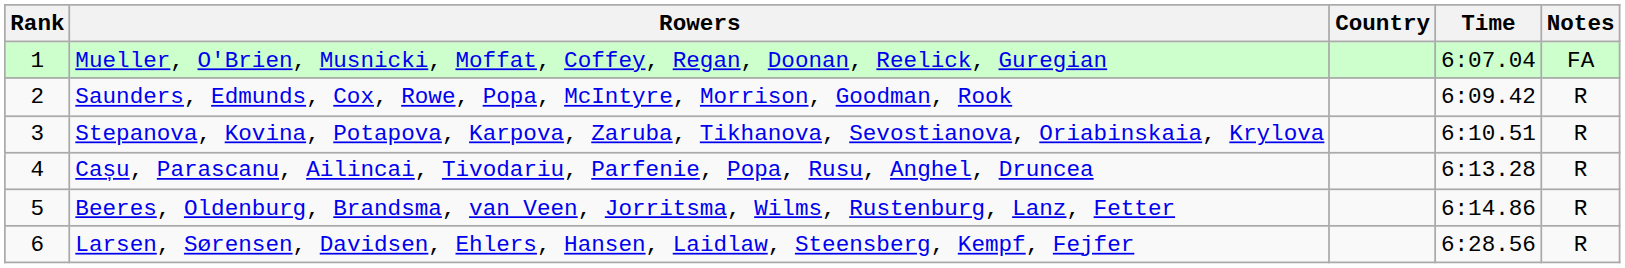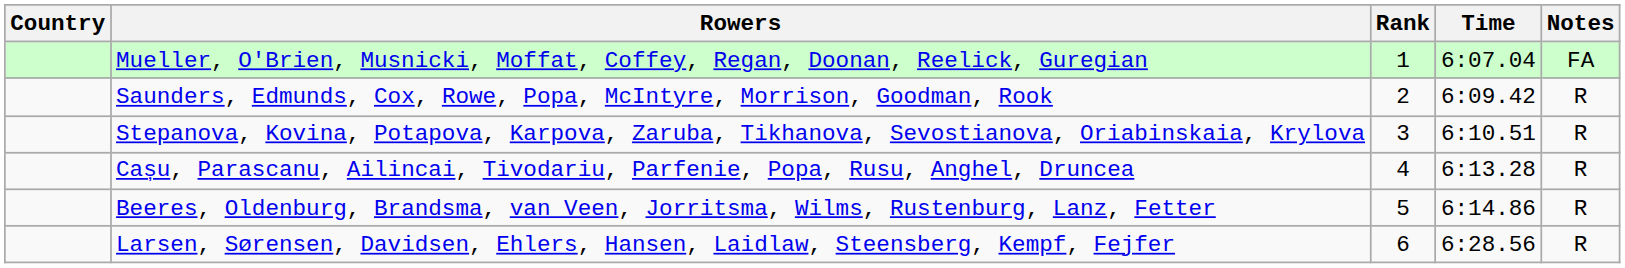 <table class="wikitable" style="text-align:center">
 <tr>
+<th>Country</th>
+<th>Rowers</th>
 <th>Rank</th>
-<th>Rowers</th>
-<th>Country</th>
 <th>Time</th>
 <th>Notes</th>
 </tr>
 <tr bgcolor=ccffcc>
+<td align="left"></td>
+<td align="left"><a href='#'>Mueller</a>, <a href='#'>O'Brien</a>, <a href='#'>Musnicki</a>, <a href='#'>Moffat</a>, <a href='#'>Coffey</a>, <a href='#'>Regan</a>, <a href='#'>Doonan</a>, <a href='#'>Reelick</a>, <a href='#'>Guregian</a></td>
 <td>1</td>
-<td align="left"><a href='#'>Mueller</a>, <a href='#'>O'Brien</a>, <a href='#'>Musnicki</a>, <a href='#'>Moffat</a>, <a href='#'>Coffey</a>, <a href='#'>Regan</a>, <a href='#'>Doonan</a>, <a href='#'>Reelick</a>, <a href='#'>Guregian</a></td>
-<td align="left"></td>
 <td>6:07.04</td>
 <td>FA</td>
 </tr>
 <tr>
+<td align="left"></td>
+<td align="left"><a href='#'>Saunders</a>, <a href='#'>Edmunds</a>, <a href='#'>Cox</a>, <a href='#'>Rowe</a>, <a href='#'>Popa</a>, <a href='#'>McIntyre</a>, <a href='#'>Morrison</a>, <a href='#'>Goodman</a>, <a href='#'>Rook</a></td>
 <td>2</td>
-<td align="left"><a href='#'>Saunders</a>, <a href='#'>Edmunds</a>, <a href='#'>Cox</a>, <a href='#'>Rowe</a>, <a href='#'>Popa</a>, <a href='#'>McIntyre</a>, <a href='#'>Morrison</a>, <a href='#'>Goodman</a>, <a href='#'>Rook</a></td>
-<td align="left"></td>
 <td>6:09.42</td>
 <td>R</td>
 </tr>
 <tr>
+<td align="left"></td>
+<td align="left"><a href='#'>Stepanova</a>, <a href='#'>Kovina</a>, <a href='#'>Potapova</a>, <a href='#'>Karpova</a>, <a href='#'>Zaruba</a>, <a href='#'>Tikhanova</a>, <a href='#'>Sevostianova</a>, <a href='#'>Oriabinskaia</a>, <a href='#'>Krylova</a></td>
 <td>3</td>
-<td align="left"><a href='#'>Stepanova</a>, <a href='#'>Kovina</a>, <a href='#'>Potapova</a>, <a href='#'>Karpova</a>, <a href='#'>Zaruba</a>, <a href='#'>Tikhanova</a>, <a href='#'>Sevostianova</a>, <a href='#'>Oriabinskaia</a>, <a href='#'>Krylova</a></td>
-<td align="left"></td>
 <td>6:10.51</td>
 <td>R</td>
 </tr>
 <tr>
+<td align="left"></td>
+<td align="left"><a href='#'>Cașu</a>, <a href='#'>Parascanu</a>, <a href='#'>Ailincai</a>, <a href='#'>Tivodariu</a>, <a href='#'>Parfenie</a>, <a href='#'>Popa</a>, <a href='#'>Rusu</a>, <a href='#'>Anghel</a>, <a href='#'>Druncea</a></td>
 <td>4</td>
-<td align="left"><a href='#'>Cașu</a>, <a href='#'>Parascanu</a>, <a href='#'>Ailincai</a>, <a href='#'>Tivodariu</a>, <a href='#'>Parfenie</a>, <a href='#'>Popa</a>, <a href='#'>Rusu</a>, <a href='#'>Anghel</a>, <a href='#'>Druncea</a></td>
-<td align="left"></td>
 <td>6:13.28</td>
 <td>R</td>
 </tr>
 <tr>
+<td align="left"></td>
+<td align="left"><a href='#'>Beeres</a>, <a href='#'>Oldenburg</a>, <a href='#'>Brandsma</a>, <a href='#'>van Veen</a>, <a href='#'>Jorritsma</a>, <a href='#'>Wilms</a>, <a href='#'>Rustenburg</a>, <a href='#'>Lanz</a>, <a href='#'>Fetter</a></td>
 <td>5</td>
-<td align="left"><a href='#'>Beeres</a>, <a href='#'>Oldenburg</a>, <a href='#'>Brandsma</a>, <a href='#'>van Veen</a>, <a href='#'>Jorritsma</a>, <a href='#'>Wilms</a>, <a href='#'>Rustenburg</a>, <a href='#'>Lanz</a>, <a href='#'>Fetter</a></td>
-<td align="left"></td>
 <td>6:14.86</td>
 <td>R</td>
 </tr>
 <tr>
+<td align="left"></td>
+<td align="left"><a href='#'>Larsen</a>, <a href='#'>Sørensen</a>, <a href='#'>Davidsen</a>, <a href='#'>Ehlers</a>, <a href='#'>Hansen</a>, <a href='#'>Laidlaw</a>, <a href='#'>Steensberg</a>, <a href='#'>Kempf</a>, <a href='#'>Fejfer</a></td>
 <td>6</td>
-<td align="left"><a href='#'>Larsen</a>, <a href='#'>Sørensen</a>, <a href='#'>Davidsen</a>, <a href='#'>Ehlers</a>, <a href='#'>Hansen</a>, <a href='#'>Laidlaw</a>, <a href='#'>Steensberg</a>, <a href='#'>Kempf</a>, <a href='#'>Fejfer</a></td>
-<td align="left"></td>
 <td>6:28.56</td>
 <td>R</td>
 </tr>
 </table>
